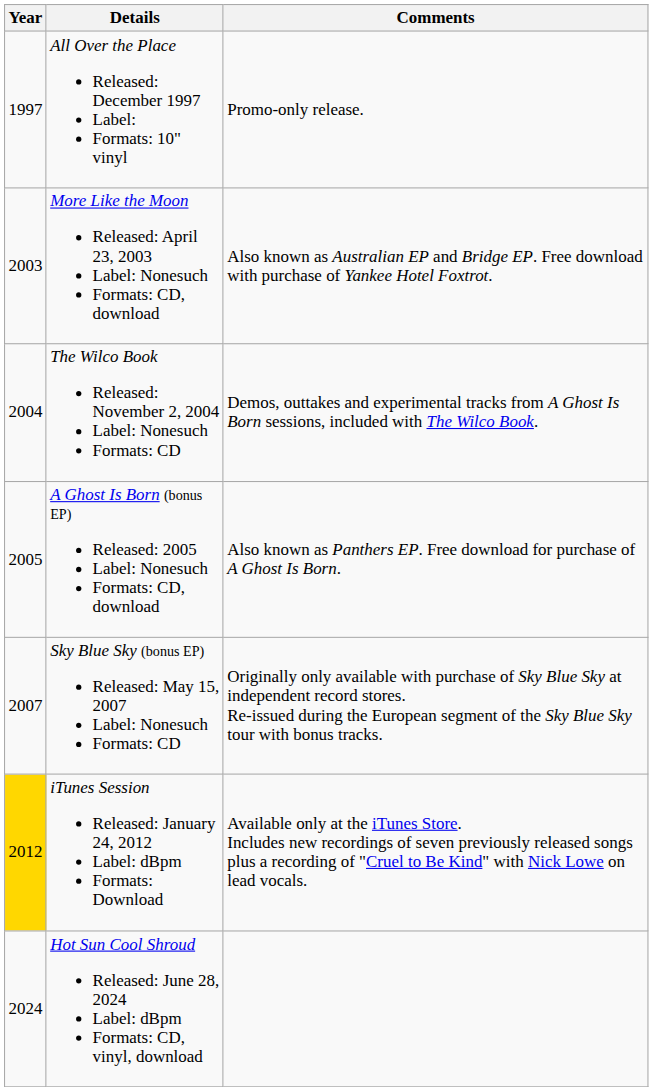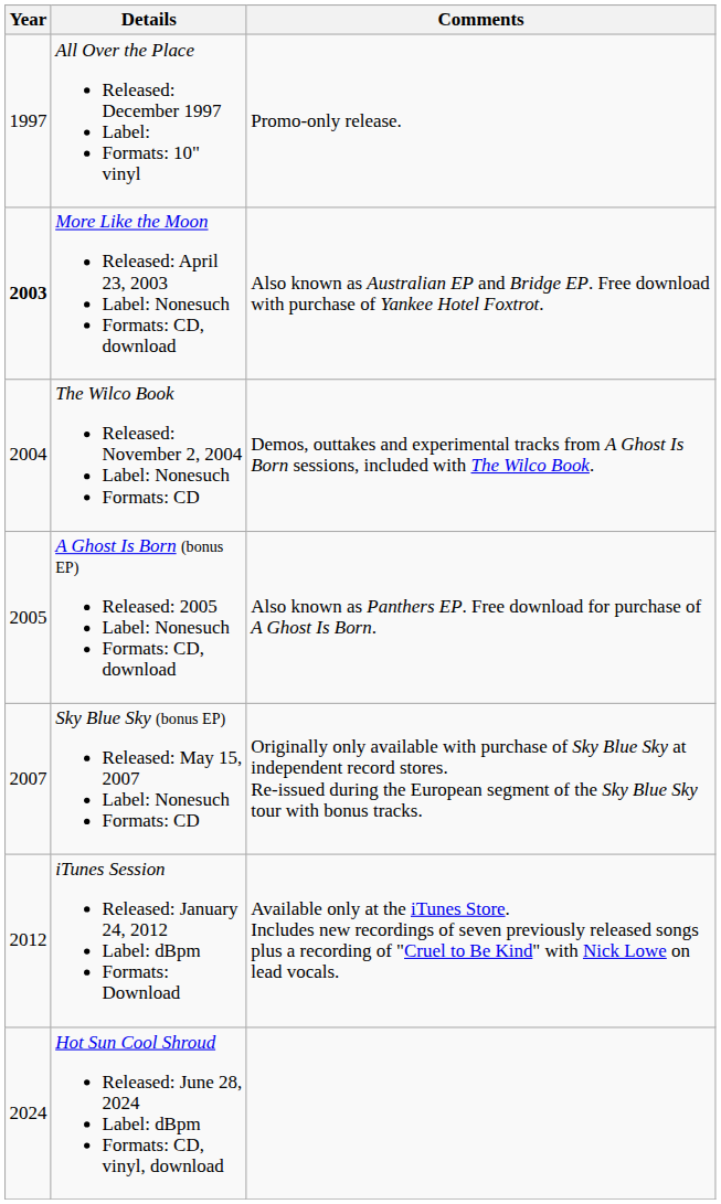 <table class="wikitable">
 <tr>
 <th>Year</th>
 <th>Details</th>
 <th>Comments</th>
 </tr>
 <tr>
 <td>1997</td>
 <td><em>All Over the Place</em><br><ul><li>Released: December 1997</li><li>Label:</li><li>Formats: 10" vinyl</li></ul></td>
 <td>Promo-only release.</td>
 </tr>
 <tr>
-<td>2003</td>
+<td><strong>2003</strong></td>
 <td><em><a href='#'>More Like the Moon</a></em><br><ul><li>Released: April 23, 2003</li><li>Label: Nonesuch</li><li>Formats: CD, download</li></ul></td>
 <td>Also known as <em>Australian EP</em> and <em>Bridge EP</em>. Free download with purchase of <em>Yankee Hotel Foxtrot</em>.</td>
 </tr>
 <tr>
 <td>2004</td>
 <td><em>The Wilco Book</em><br><ul><li>Released: November 2, 2004</li><li>Label: Nonesuch</li><li>Formats: CD</li></ul></td>
 <td>Demos, outtakes and experimental tracks from <em>A Ghost Is Born</em> sessions, included with <em><a href='#'>The Wilco Book</a></em>.</td>
 </tr>
 <tr>
 <td>2005</td>
 <td><em><a href='#'>A Ghost Is Born</a></em> <small>(bonus EP)</small><br><ul><li>Released: 2005</li><li>Label: Nonesuch</li><li>Formats: CD, download</li></ul></td>
 <td>Also known as <em>Panthers EP</em>. Free download for purchase of <em>A Ghost Is Born</em>.</td>
 </tr>
 <tr>
 <td>2007</td>
 <td><em>Sky Blue Sky</em> <small>(bonus EP)</small><br><ul><li>Released: May 15, 2007</li><li>Label: Nonesuch</li><li>Formats: CD</li></ul></td>
 <td>Originally only available with purchase of <em>Sky Blue Sky</em> at independent record stores.<br> Re-issued during the European segment of the <em>Sky Blue Sky</em> tour with bonus tracks.</td>
 </tr>
 <tr>
-<td style="background: gold;">2012</td>
+<td>2012</td>
 <td><em>iTunes Session</em><br><ul><li>Released: January 24, 2012</li><li>Label: dBpm</li><li>Formats: Download</li></ul></td>
 <td>Available only at the <a href='#'>iTunes Store</a>.<br>Includes new recordings of seven previously released songs plus a recording of "<a href='#'>Cruel to Be Kind</a>" with <a href='#'>Nick Lowe</a> on lead vocals.</td>
 </tr>
 <tr>
 <td>2024</td>
 <td><em><a href='#'>Hot Sun Cool Shroud</a></em><br><ul><li>Released: June 28, 2024</li><li>Label: dBpm</li><li>Formats: CD, vinyl, download</li></ul></td>
 </tr>
 </table>
